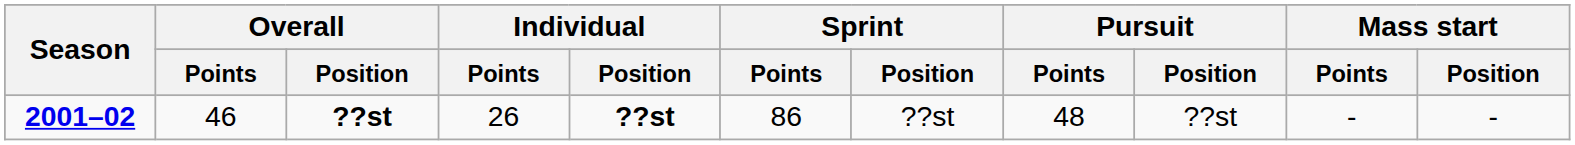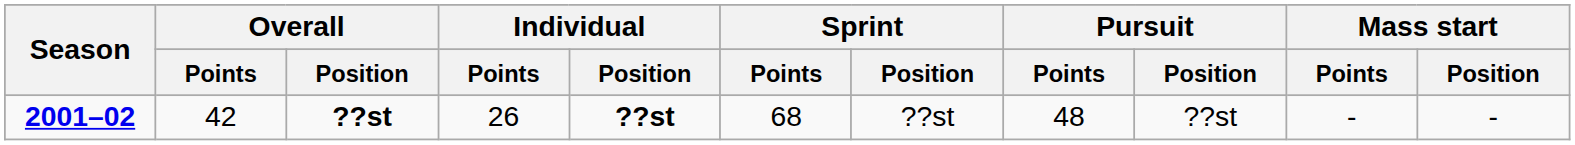 <table class="wikitable" style="text-align:center;" width="70%">
 <tr class="hintergrundfarbe5">
 <th rowspan="2" style="width:4%;">Season</th>
 <th colspan="2">Overall</th>
 <th colspan="2">Individual</th>
 <th colspan="2">Sprint</th>
 <th colspan="2">Pursuit</th>
 <th colspan="2">Mass start</th>
 </tr>
 <tr class="hintergrundfarbe5">
 <th style="width:5%;"><small>Points</small></th>
 <th style="width:5%;"><small>Position</small></th>
 <th style="width:5%;"><small>Points</small></th>
 <th style="width:5%;"><small>Position</small></th>
 <th style="width:5%;"><small>Points</small></th>
 <th style="width:5%;"><small>Position</small></th>
 <th style="width:5%;"><small>Points</small></th>
 <th style="width:5%;"><small>Position</small></th>
 <th style="width:5%;"><small>Points</small></th>
 <th style="width:5%;"><small>Position</small></th>
 </tr>
 <tr>
 <td><strong><a href='#'>2001–02</a></strong></td>
-<td>46</td>
+<td>42</td>
 <td><strong>??st</strong></td>
 <td>26</td>
 <td><strong>??st</strong></td>
-<td>86</td>
+<td>68</td>
 <td>??st</td>
 <td>48</td>
 <td>??st</td>
 <td>-</td>
 <td>-</td>
 </tr>
 </table>
